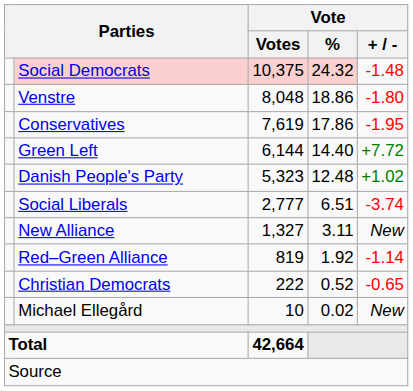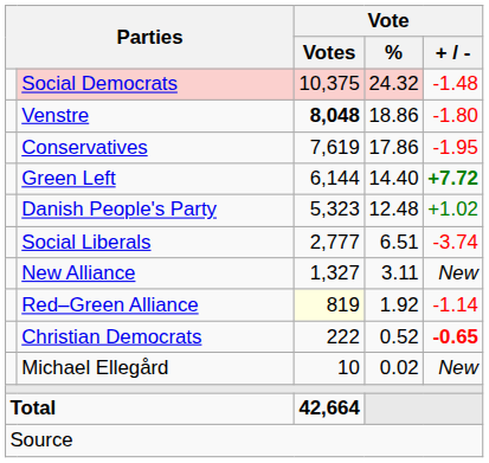 <table class="wikitable" style="text-align:right;">
 <tr>
 <th style="text-align:centre;" rowspan="2" colspan="2" width="225">Parties</th>
 <th colspan="3">Vote</th>
 </tr>
 <tr>
 <th width="15">Votes</th>
 <th width="15">%</th>
 <th width="15">+ / -</th>
 </tr>
 <tr>
 <td width="2" style="color:inherit;background:"></td>
 <td bgcolor=#fbd0ce  align="left"><a href='#'>Social Democrats</a></td>
 <td bgcolor=#fbd0ce>10,375</td>
 <td bgcolor=#fbd0ce>24.32</td>
 <td style=color:red;>-1.48</td>
 </tr>
 <tr>
 <td width="2" style="color:inherit;background:"></td>
 <td align="left"><a href='#'>Venstre</a></td>
-<td>8,048</td>
+<td><strong>8,048</strong></td>
 <td>18.86</td>
 <td style=color:red;>-1.80</td>
 </tr>
 <tr>
 <td width="2" style="color:inherit;background:"></td>
 <td align="left"><a href='#'>Conservatives</a></td>
 <td>7,619</td>
 <td>17.86</td>
 <td style=color:red;>-1.95</td>
 </tr>
 <tr>
 <td width="2" style="color:inherit;background:"></td>
 <td align="left"><a href='#'>Green Left</a></td>
 <td>6,144</td>
 <td>14.40</td>
-<td style=color:green;>+7.72</td>
+<td style=color:green;><strong>+7.72</strong></td>
 </tr>
 <tr>
 <td width="2" style="color:inherit;background:"></td>
 <td align="left"><a href='#'>Danish People's Party</a></td>
 <td>5,323</td>
 <td>12.48</td>
 <td style=color:green;>+1.02</td>
 </tr>
 <tr>
 <td width="2" style="color:inherit;background:"></td>
 <td align="left"><a href='#'>Social Liberals</a></td>
 <td>2,777</td>
 <td>6.51</td>
 <td style=color:red;>-3.74</td>
 </tr>
 <tr>
 <td width="2" style="color:inherit;background:"></td>
 <td align="left"><a href='#'>New Alliance</a></td>
 <td>1,327</td>
 <td>3.11</td>
 <td><em>New</em></td>
 </tr>
 <tr>
 <td width="2" style="color:inherit;background:"></td>
 <td align="left"><a href='#'>Red–Green Alliance</a></td>
-<td>819</td>
+<td style="background: lightyellow;">819</td>
 <td>1.92</td>
 <td style=color:red;>-1.14</td>
 </tr>
 <tr>
 <td width="2" style="color:inherit;background:"></td>
 <td align="left"><a href='#'>Christian Democrats</a></td>
 <td>222</td>
 <td>0.52</td>
-<td style=color:red;>-0.65</td>
+<td style=color:red;><strong>-0.65</strong></td>
 </tr>
 <tr>
 <td width="2" style="color:inherit;background:"></td>
 <td align="left">Michael Ellegård</td>
 <td>10</td>
 <td>0.02</td>
 <td><em>New</em></td>
 </tr>
 <tr>
 <td colspan="7" bgcolor="#E9E9E9"></td>
 </tr>
 <tr>
 <td align="left" colspan="2"><strong>Total</strong></td>
 <td><strong>42,664</strong></td>
 <td bgcolor="#E9E9E9" colspan="2"></td>
 </tr>
 <tr>
 <td align="left" colspan="6">Source</td>
 </tr>
 </table>
